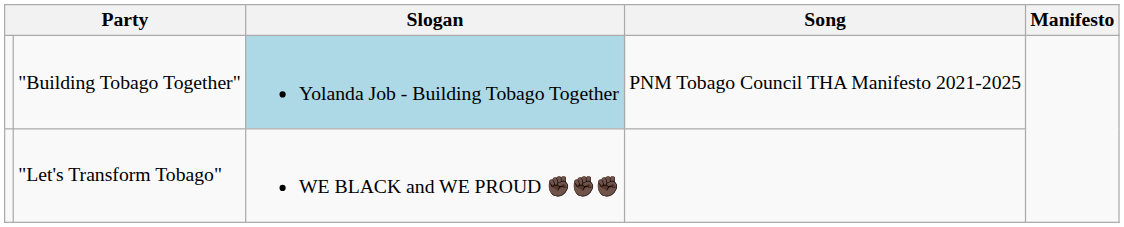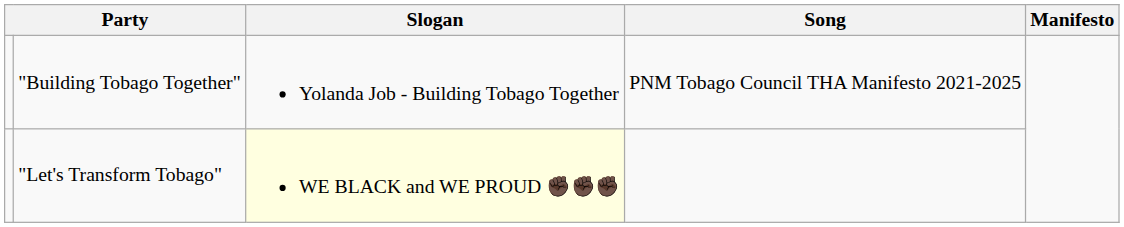 <table class="wikitable">
 <tr>
 <th colspan="2">Party</th>
 <th>Slogan</th>
 <th>Song</th>
 <th>Manifesto</th>
 </tr>
 <tr>
 <td></td>
 <td>"Building Tobago Together"</td>
-<td style="background: lightblue;"><br><ul><li>Yolanda Job - Building Tobago Together</li></ul></td>
+<td><br><ul><li>Yolanda Job - Building Tobago Together</li></ul></td>
 <td>PNM Tobago Council THA Manifesto 2021-2025</td>
 </tr>
 <tr>
 <td></td>
 <td>"Let's Transform Tobago"</td>
-<td><br><ul><li>WE BLACK and WE PROUD ✊🏿✊🏿✊🏿</li></ul></td>
+<td style="background: lightyellow;"><br><ul><li>WE BLACK and WE PROUD ✊🏿✊🏿✊🏿</li></ul></td>
 <td></td>
 </tr>
 </table>
